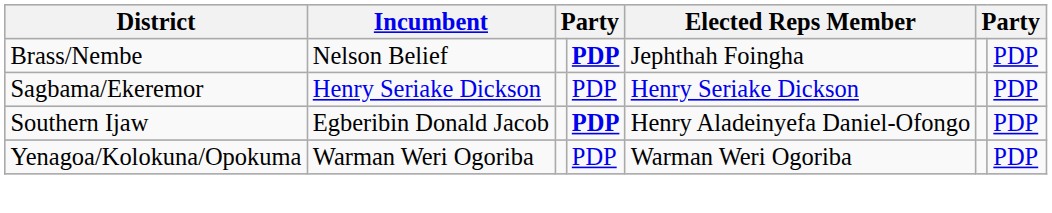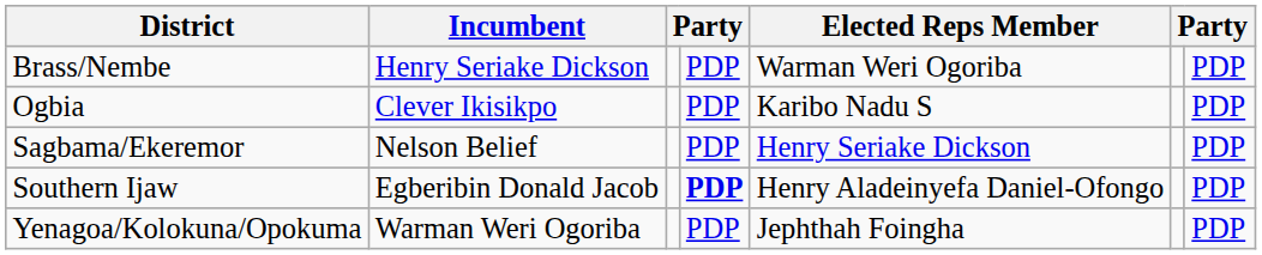 <table class="sortable wikitable" style="font-size:95%;line-height:14px;">
 <tr>
 <th class="unsortable">District</th>
 <th class="unsortable"><a href='#'>Incumbent</a></th>
 <th colspan="2">Party</th>
 <th class="unsortable">Elected Reps Member</th>
 <th colspan="2">Party</th>
 </tr>
 <tr>
 <td>Brass/Nembe</td>
-<td>Nelson Belief</td>
+<td><a href='#'>Henry Seriake Dickson</a></td>
 <td style="background:"></td>
-<td><strong><a href='#'>PDP</a></strong></td>
-<td>Jephthah Foingha</td>
+<td><a href='#'>PDP</a></td>
+<td>Warman Weri Ogoriba</td>
+<td style="background:"></td>
+<td><a href='#'>PDP</a></td>
+</tr>
+<tr>
+<td>Ogbia</td>
+<td><a href='#'>Clever Ikisikpo</a></td>
+<td style="background:"></td>
+<td><a href='#'>PDP</a></td>
+<td>Karibo Nadu S</td>
 <td style="background:"></td>
 <td><a href='#'>PDP</a></td>
 </tr>
 <tr>
 <td>Sagbama/Ekeremor</td>
-<td><a href='#'>Henry Seriake Dickson</a></td>
+<td>Nelson Belief</td>
 <td style="background:"></td>
 <td><a href='#'>PDP</a></td>
 <td><a href='#'>Henry Seriake Dickson</a></td>
 <td style="background:"></td>
 <td><a href='#'>PDP</a></td>
 </tr>
 <tr>
 <td>Southern Ijaw</td>
 <td>Egberibin Donald Jacob</td>
 <td style="background:"></td>
 <td><strong><a href='#'>PDP</a></strong></td>
 <td>Henry Aladeinyefa Daniel-Ofongo</td>
 <td style="background:"></td>
 <td><a href='#'>PDP</a></td>
 </tr>
 <tr>
 <td>Yenagoa/Kolokuna/Opokuma</td>
 <td>Warman Weri Ogoriba</td>
 <td style="background:"></td>
 <td><a href='#'>PDP</a></td>
-<td>Warman Weri Ogoriba</td>
+<td>Jephthah Foingha</td>
 <td style="background:"></td>
 <td><a href='#'>PDP</a></td>
 </tr>
 </table>
